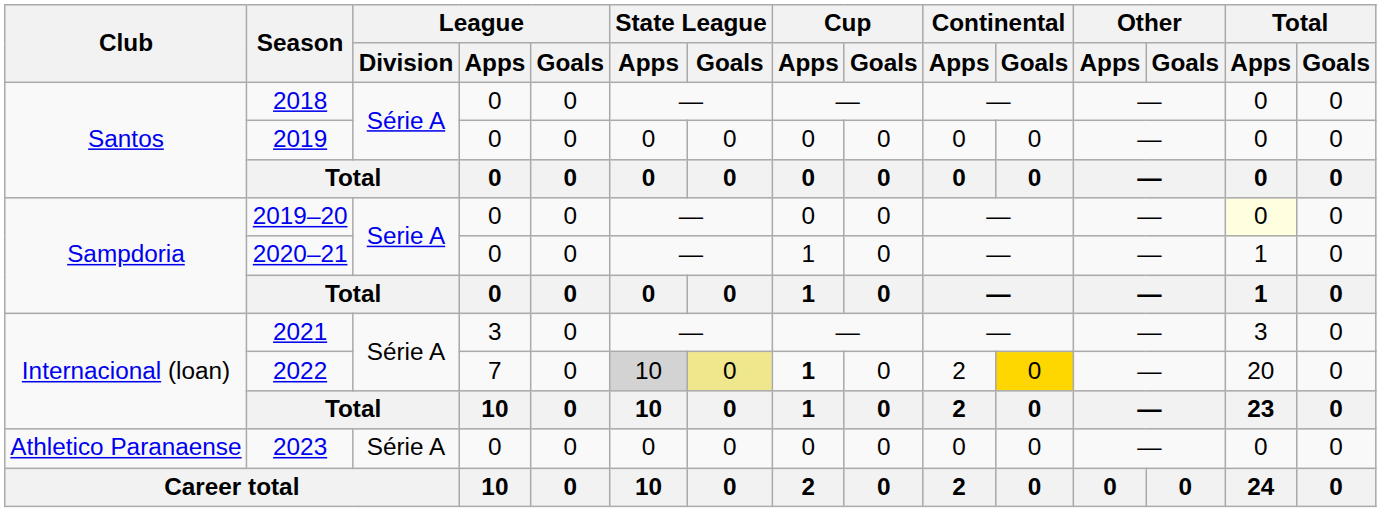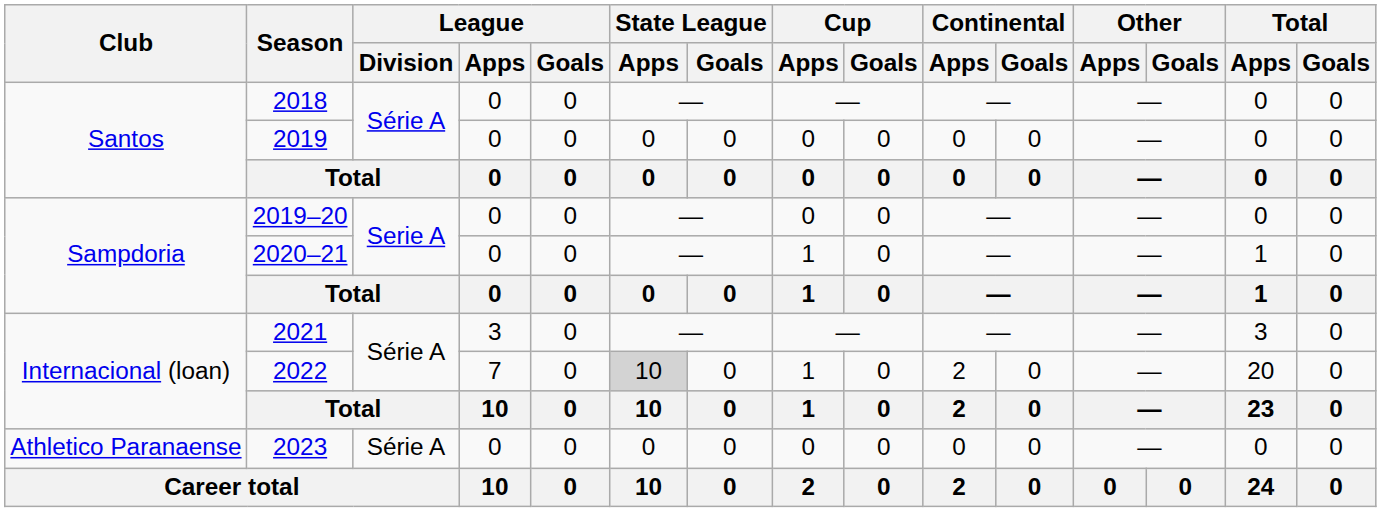 <table class="wikitable" style="text-align:center">
 <tr>
 <th rowspan="2">Club</th>
 <th rowspan="2">Season</th>
 <th colspan="3">League</th>
 <th colspan="2">State League</th>
 <th colspan="2">Cup</th>
 <th colspan="2">Continental</th>
 <th colspan="2">Other</th>
 <th colspan="2">Total</th>
 </tr>
 <tr>
 <th>Division</th>
 <th>Apps</th>
 <th>Goals</th>
 <th>Apps</th>
 <th>Goals</th>
 <th>Apps</th>
 <th>Goals</th>
 <th>Apps</th>
 <th>Goals</th>
 <th>Apps</th>
 <th>Goals</th>
 <th>Apps</th>
 <th>Goals</th>
 </tr>
 <tr>
 <td rowspan="3"><a href='#'>Santos</a></td>
 <td><a href='#'>2018</a></td>
 <td rowspan="2"><a href='#'>Série A</a></td>
 <td>0</td>
 <td>0</td>
 <td colspan="2">—</td>
 <td colspan="2">—</td>
 <td colspan="2">—</td>
 <td colspan="2">—</td>
 <td>0</td>
 <td>0</td>
 </tr>
 <tr>
 <td><a href='#'>2019</a></td>
 <td>0</td>
 <td>0</td>
 <td>0</td>
 <td>0</td>
 <td>0</td>
 <td>0</td>
 <td>0</td>
 <td>0</td>
 <td colspan="2">—</td>
 <td>0</td>
 <td>0</td>
 </tr>
 <tr>
 <th colspan="2">Total</th>
 <th>0</th>
 <th>0</th>
 <th>0</th>
 <th>0</th>
 <th>0</th>
 <th>0</th>
 <th>0</th>
 <th>0</th>
 <th colspan="2">—</th>
 <th>0</th>
 <th>0</th>
 </tr>
 <tr>
 <td rowspan="3"><a href='#'>Sampdoria</a></td>
 <td><a href='#'>2019–20</a></td>
 <td rowspan="2"><a href='#'>Serie A</a></td>
 <td>0</td>
 <td>0</td>
 <td colspan="2">—</td>
 <td>0</td>
 <td>0</td>
 <td colspan="2">—</td>
 <td colspan="2">—</td>
-<td style="background: lightyellow;">0</td>
+<td>0</td>
 <td>0</td>
 </tr>
 <tr>
 <td><a href='#'>2020–21</a></td>
 <td>0</td>
 <td>0</td>
 <td colspan="2">—</td>
 <td>1</td>
 <td>0</td>
 <td colspan="2">—</td>
 <td colspan="2">—</td>
 <td>1</td>
 <td>0</td>
 </tr>
 <tr>
 <th colspan="2">Total</th>
 <th>0</th>
 <th>0</th>
 <th>0</th>
 <th>0</th>
 <th>1</th>
 <th>0</th>
 <th colspan="2">—</th>
 <th colspan="2">—</th>
 <th>1</th>
 <th>0</th>
 </tr>
 <tr>
 <td rowspan="3"><a href='#'>Internacional</a> (loan)</td>
 <td><a href='#'>2021</a></td>
 <td rowspan="2">Série A</td>
 <td>3</td>
 <td>0</td>
 <td colspan="2">—</td>
 <td colspan="2">—</td>
 <td colspan="2">—</td>
 <td colspan="2">—</td>
 <td>3</td>
 <td>0</td>
 </tr>
 <tr>
 <td><a href='#'>2022</a></td>
 <td>7</td>
 <td>0</td>
 <td style="background: lightgrey;">10</td>
-<td style="background: khaki;">0</td>
-<td><strong>1</strong></td>
+<td>0</td>
+<td>1</td>
 <td>0</td>
 <td>2</td>
-<td style="background: gold;">0</td>
+<td>0</td>
 <td colspan="2">—</td>
 <td>20</td>
 <td>0</td>
 </tr>
 <tr>
 <th colspan="2">Total</th>
 <th>10</th>
 <th>0</th>
 <th>10</th>
 <th>0</th>
 <th>1</th>
 <th>0</th>
 <th>2</th>
 <th>0</th>
 <th colspan="2">—</th>
 <th>23</th>
 <th>0</th>
 </tr>
 <tr>
 <td><a href='#'>Athletico Paranaense</a></td>
 <td><a href='#'>2023</a></td>
 <td>Série A</td>
 <td>0</td>
 <td>0</td>
 <td>0</td>
 <td>0</td>
 <td>0</td>
 <td>0</td>
 <td>0</td>
 <td>0</td>
 <td colspan="2">—</td>
 <td>0</td>
 <td>0</td>
 </tr>
 <tr>
 <th colspan="3">Career total</th>
 <th>10</th>
 <th>0</th>
 <th>10</th>
 <th>0</th>
 <th>2</th>
 <th>0</th>
 <th>2</th>
 <th>0</th>
 <th>0</th>
 <th>0</th>
 <th>24</th>
 <th>0</th>
 </tr>
 </table>
